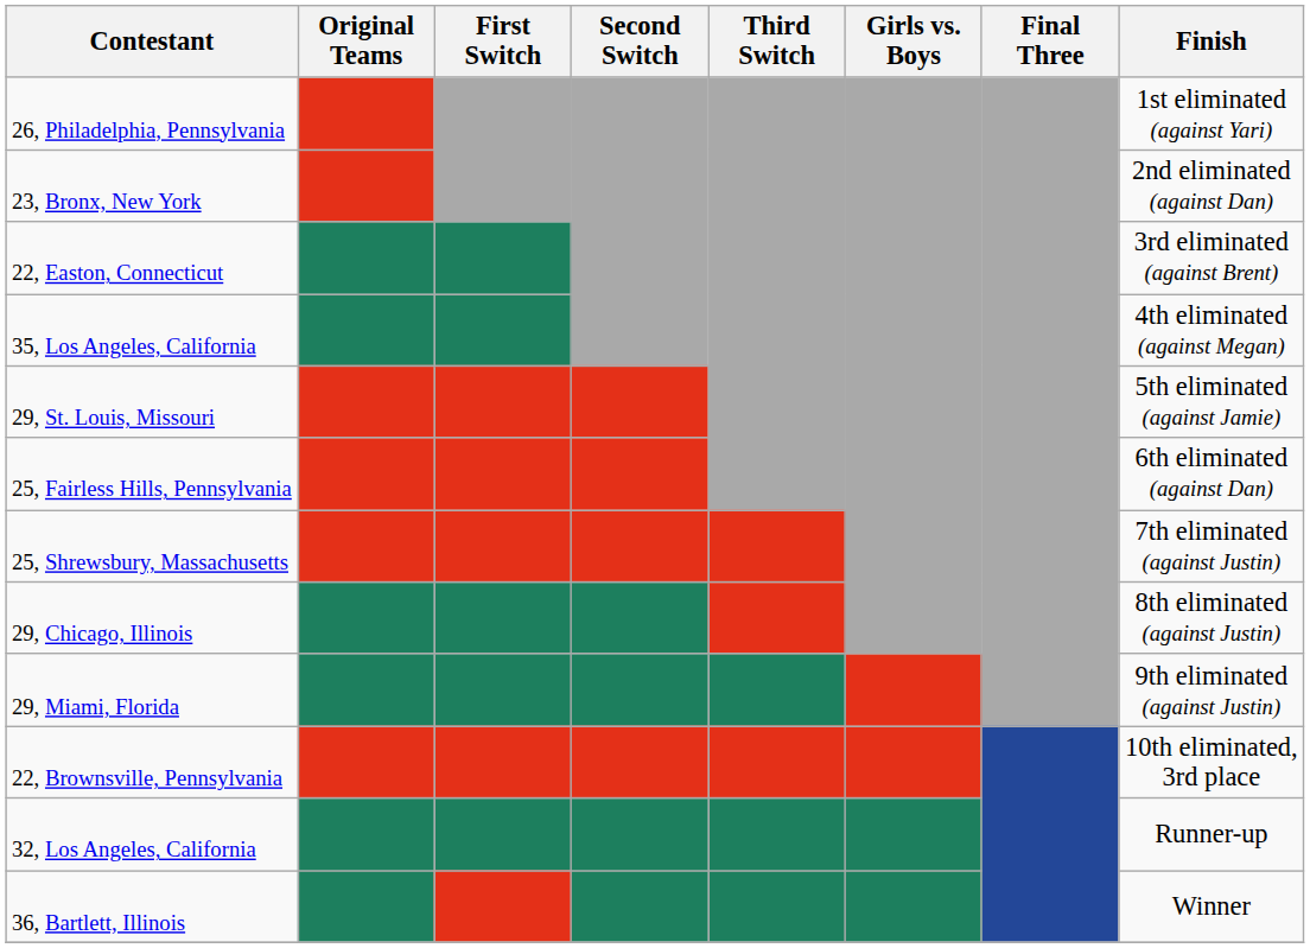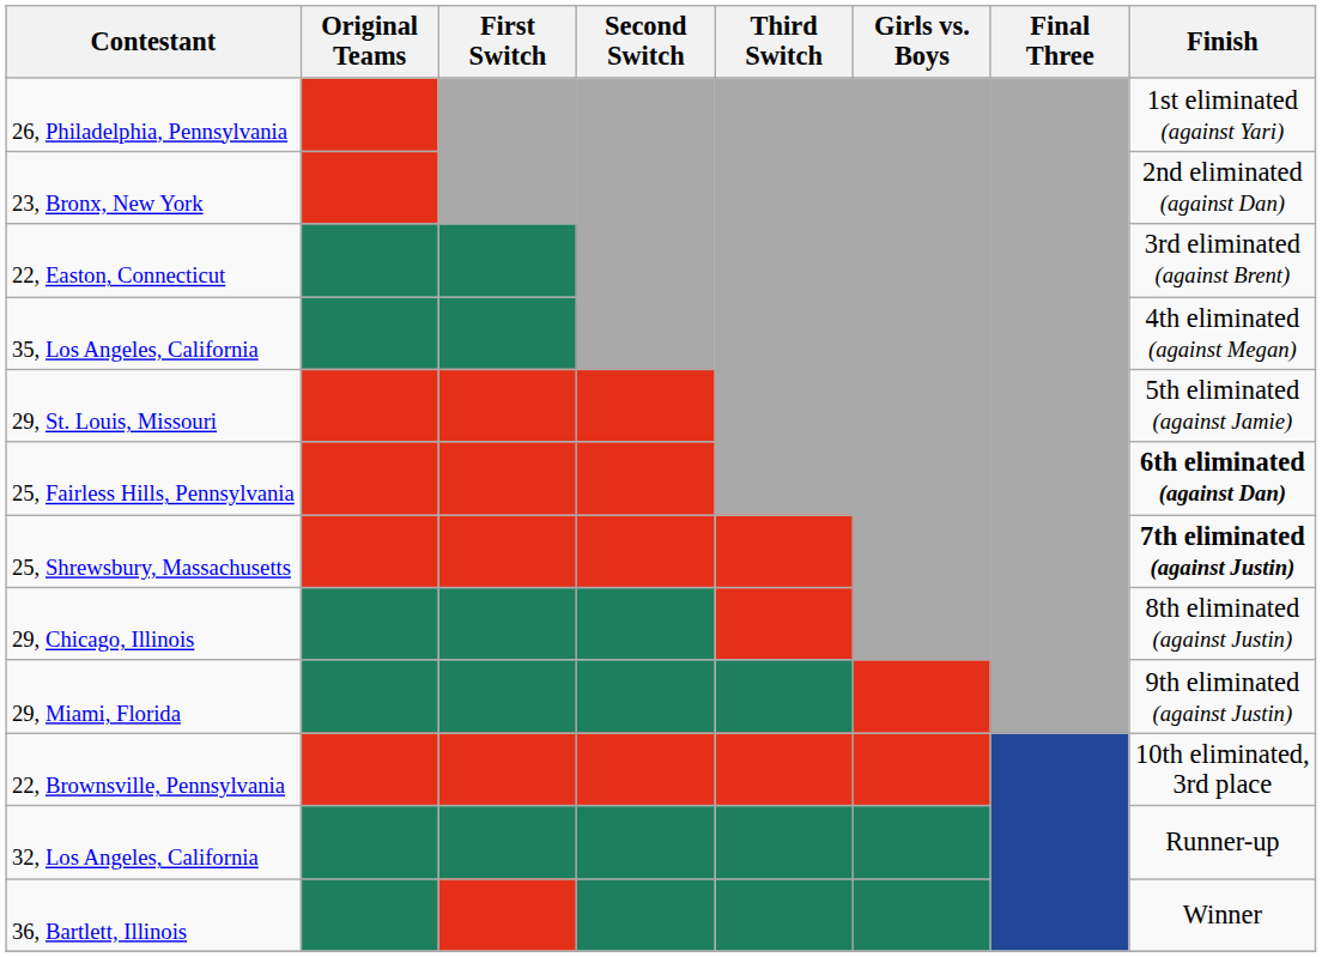 <table class="wikitable" style="margin:auto; text-align:center">
 <tr>
 <th>Contestant</th>
 <th width=75>Original Teams</th>
 <th width=75>First Switch</th>
 <th width=75>Second Switch</th>
 <th width=75>Third Switch</th>
 <th width=75>Girls vs. Boys</th>
 <th width=75>Final Three</th>
 <th>Finish</th>
 </tr>
 <tr>
 <td align=left><br><small>26, <a href='#'>Philadelphia, Pennsylvania</a></small></td>
 <td bgcolor=#e43018></td>
 <td rowspan=2 bgcolor=darkgray></td>
 <td rowspan=4 bgcolor=darkgray></td>
 <td rowspan=6 bgcolor=darkgray></td>
 <td rowspan=8 bgcolor=darkgray></td>
 <td rowspan=9 bgcolor=darkgray></td>
 <td>1st eliminated<br><small><em>(against Yari)</em></small></td>
 </tr>
 <tr>
 <td align=left><br><small>23, <a href='#'>Bronx, New York</a></small></td>
 <td bgcolor=#e43018></td>
 <td>2nd eliminated<br><small><em>(against Dan)</em></small></td>
 </tr>
 <tr>
 <td align=left><br><small>22, <a href='#'>Easton, Connecticut</a></small></td>
 <td bgcolor=#1d7f5e></td>
 <td bgcolor=#1d7f5e></td>
 <td>3rd eliminated<br><small><em>(against Brent)</em></small></td>
 </tr>
 <tr>
 <td align=left><br><small>35, <a href='#'>Los Angeles, California</a></small></td>
 <td bgcolor=#1d7f5e></td>
 <td bgcolor=#1d7f5e></td>
 <td>4th eliminated<br><small><em>(against Megan)</em></small></td>
 </tr>
 <tr>
 <td align=left><br><small>29, <a href='#'>St. Louis, Missouri</a></small></td>
 <td bgcolor=#e43018></td>
 <td bgcolor=#e43018></td>
 <td bgcolor=#e43018></td>
 <td>5th eliminated<br><small><em>(against Jamie)</em></small></td>
 </tr>
 <tr>
 <td align=left><br><small>25, <a href='#'>Fairless Hills, Pennsylvania</a></small></td>
 <td bgcolor=#e43018></td>
 <td bgcolor=#e43018></td>
 <td bgcolor=#e43018></td>
-<td>6th eliminated<br><small><em>(against Dan)</em></small></td>
+<td><strong>6th eliminated<br><small><em>(against Dan)</em></small></strong></td>
 </tr>
 <tr>
 <td align=left><br><small>25, <a href='#'>Shrewsbury, Massachusetts</a></small></td>
 <td bgcolor=#e43018></td>
 <td bgcolor=#e43018></td>
 <td bgcolor=#e43018></td>
 <td bgcolor=#e43018></td>
-<td>7th eliminated<br><small><em>(against Justin)</em></small></td>
+<td><strong>7th eliminated<br><small><em>(against Justin)</em></small></strong></td>
 </tr>
 <tr>
 <td align=left><br><small>29, <a href='#'>Chicago, Illinois</a></small></td>
 <td bgcolor=#1d7f5e></td>
 <td bgcolor=#1d7f5e></td>
 <td bgcolor=#1d7f5e></td>
 <td bgcolor=#e43018></td>
 <td>8th eliminated<br><small><em>(against Justin)</em></small></td>
 </tr>
 <tr>
 <td align=left><br><small>29, <a href='#'>Miami, Florida</a></small></td>
 <td bgcolor=#1d7f5e></td>
 <td bgcolor=#1d7f5e></td>
 <td bgcolor=#1d7f5e></td>
 <td bgcolor=#1d7f5e></td>
 <td bgcolor=#e43018></td>
 <td>9th eliminated<br><small><em>(against Justin)</em></small></td>
 </tr>
 <tr>
 <td align=left><br><small>22, <a href='#'>Brownsville, Pennsylvania</a></small></td>
 <td bgcolor=#e43018></td>
 <td bgcolor=#e43018></td>
 <td bgcolor=#e43018></td>
 <td bgcolor=#e43018></td>
 <td bgcolor=#e43018></td>
 <td rowspan=3 bgcolor=#234798></td>
 <td>10th eliminated,<br>3rd place</td>
 </tr>
 <tr>
 <td align=left><br><small>32, <a href='#'>Los Angeles, California</a></small></td>
 <td bgcolor=#1d7f5e></td>
 <td bgcolor=#1d7f5e></td>
 <td bgcolor=#1d7f5e></td>
 <td bgcolor=#1d7f5e></td>
 <td bgcolor=#1d7f5e></td>
 <td>Runner-up</td>
 </tr>
 <tr>
 <td align=left><br><small>36, <a href='#'>Bartlett, Illinois</a></small></td>
 <td bgcolor=#1d7f5e></td>
 <td bgcolor=#e43018></td>
 <td bgcolor=#1d7f5e></td>
 <td bgcolor=#1d7f5e></td>
 <td bgcolor=#1d7f5e></td>
 <td>Winner</td>
 </tr>
 <tr>
 </tr>
 </table>
